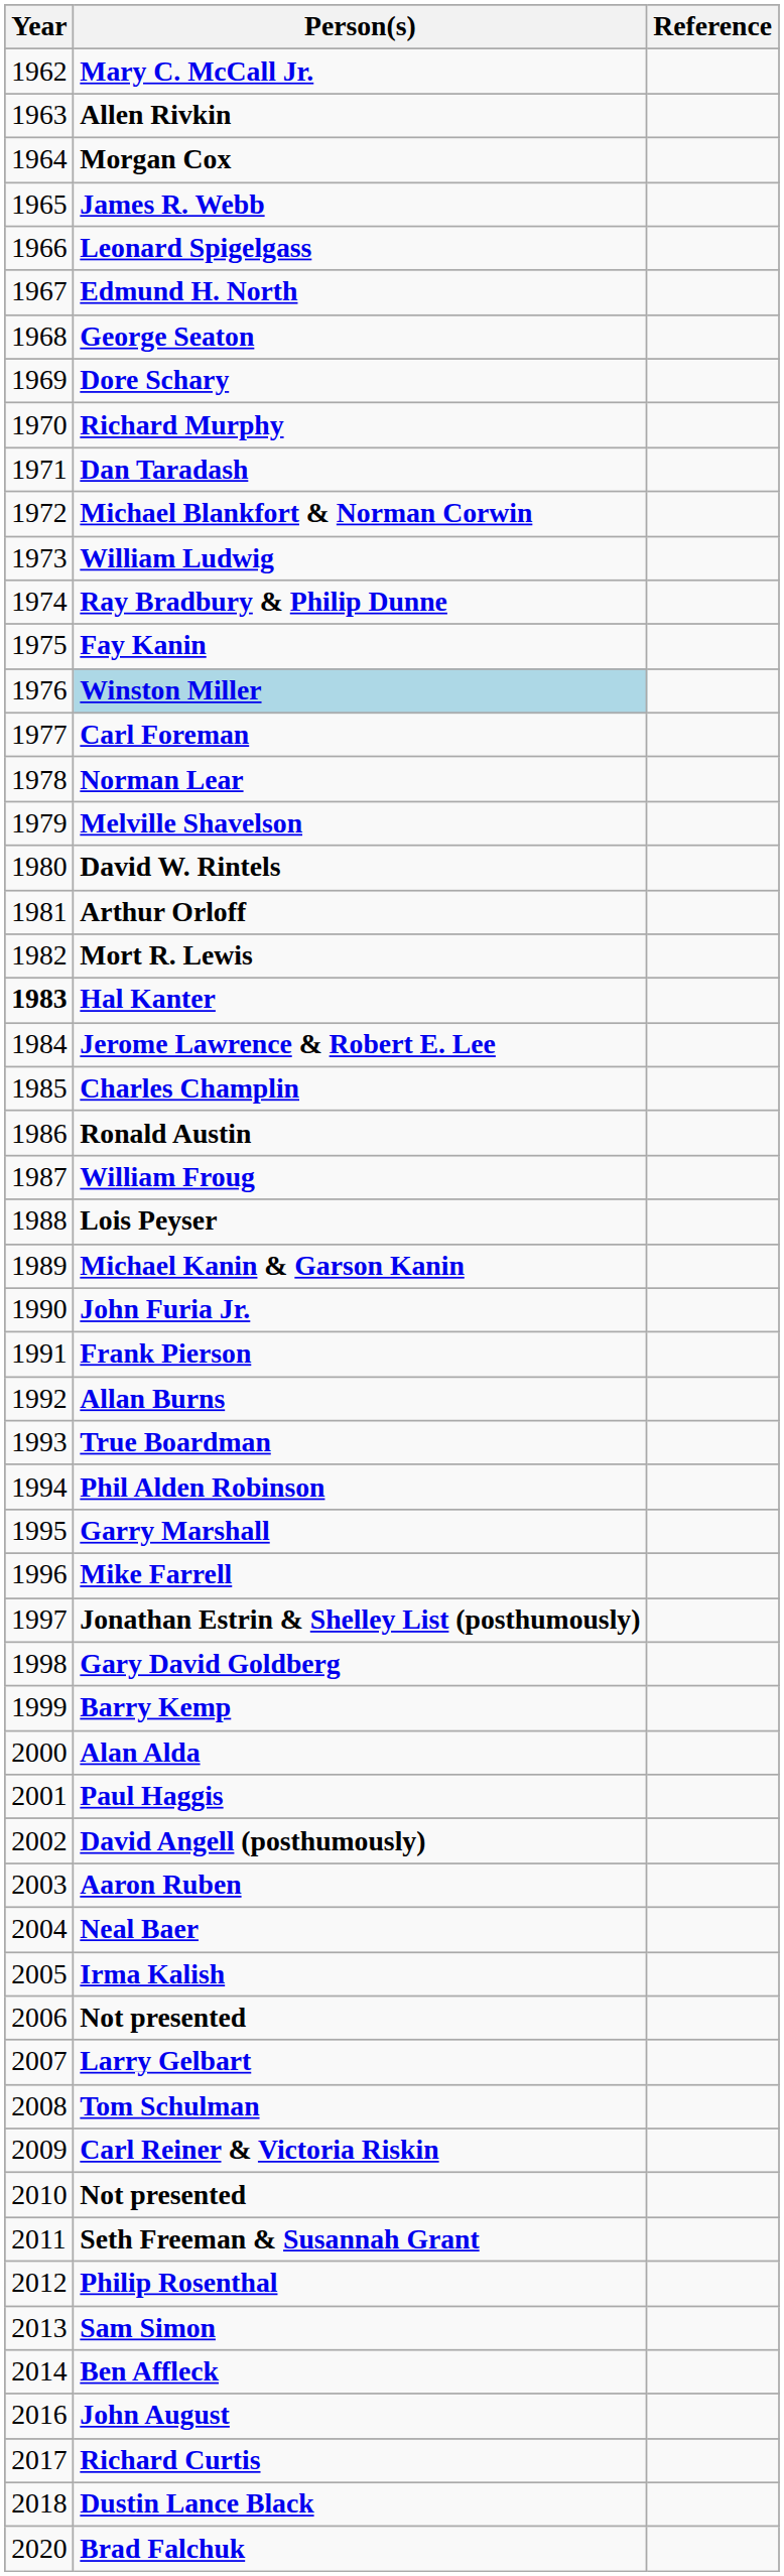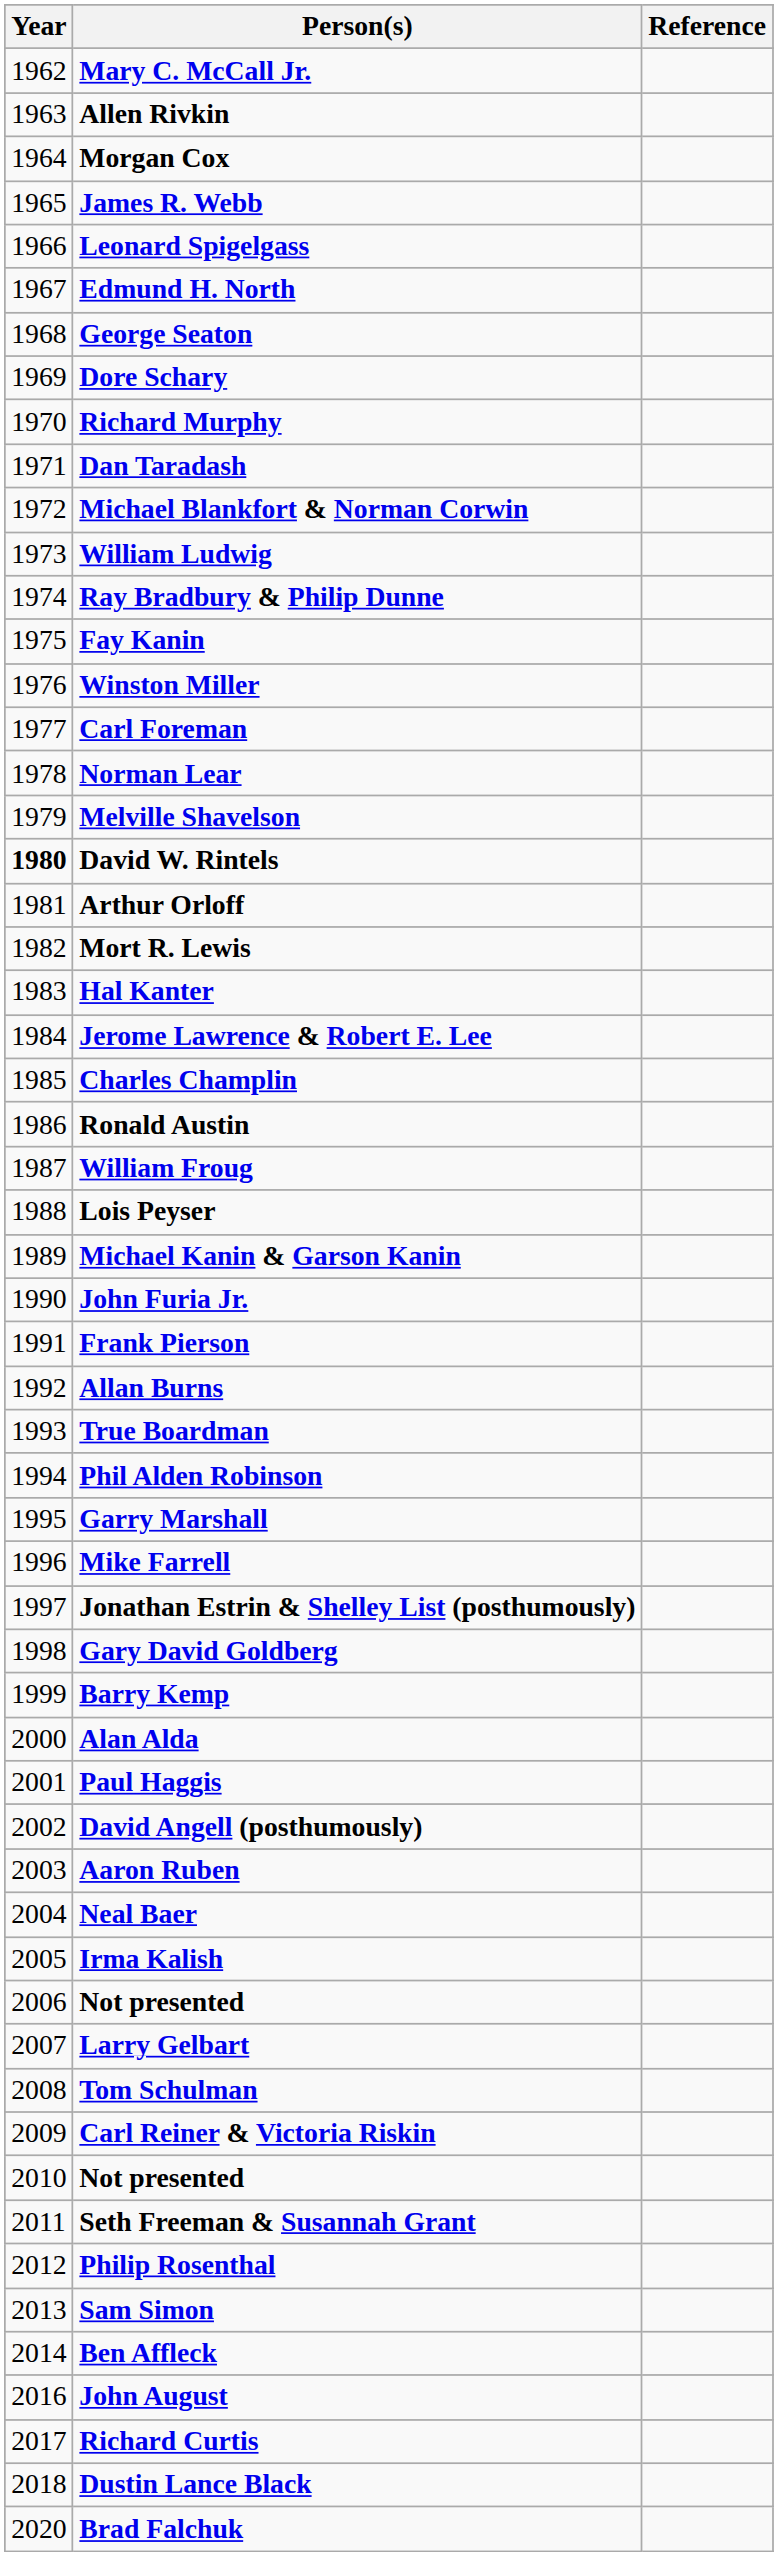 <table class="wikitable">
 <tr>
 <th>Year</th>
 <th>Person(s)</th>
 <th>Reference</th>
 </tr>
 <tr>
 <td>1962</td>
 <td><strong><a href='#'>Mary C. McCall Jr.</a></strong></td>
 <td></td>
 </tr>
 <tr>
 <td>1963</td>
 <td><strong>Allen Rivkin</strong></td>
 <td></td>
 </tr>
 <tr>
 <td>1964</td>
 <td><strong>Morgan Cox</strong></td>
 <td></td>
 </tr>
 <tr>
 <td>1965</td>
 <td><a href='#'><strong>James R. Webb</strong></a></td>
 <td></td>
 </tr>
 <tr>
 <td>1966</td>
 <td><strong><a href='#'>Leonard Spigelgass</a></strong></td>
 <td></td>
 </tr>
 <tr>
 <td>1967</td>
 <td><strong><a href='#'>Edmund H. North</a></strong></td>
 <td></td>
 </tr>
 <tr>
 <td>1968</td>
 <td><strong><a href='#'>George Seaton</a></strong></td>
 <td></td>
 </tr>
 <tr>
 <td>1969</td>
 <td><strong><a href='#'>Dore Schary</a></strong></td>
 <td></td>
 </tr>
 <tr>
 <td>1970</td>
 <td><a href='#'><strong>Richard Murphy</strong></a></td>
 <td></td>
 </tr>
 <tr>
 <td>1971</td>
 <td><strong><a href='#'>Dan Taradash</a></strong></td>
 <td></td>
 </tr>
 <tr>
 <td>1972</td>
 <td><strong><a href='#'>Michael Blankfort</a> & <a href='#'>Norman Corwin</a></strong></td>
 <td></td>
 </tr>
 <tr>
 <td>1973</td>
 <td><strong><a href='#'>William Ludwig</a></strong></td>
 <td></td>
 </tr>
 <tr>
 <td>1974</td>
 <td><strong><a href='#'>Ray Bradbury</a> & <a href='#'>Philip Dunne</a></strong></td>
 <td></td>
 </tr>
 <tr>
 <td>1975</td>
 <td><strong><a href='#'>Fay Kanin</a></strong></td>
 <td></td>
 </tr>
 <tr>
 <td>1976</td>
-<td style="background: lightblue;"><strong><a href='#'>Winston Miller</a></strong></td>
+<td><strong><a href='#'>Winston Miller</a></strong></td>
 <td></td>
 </tr>
 <tr>
 <td>1977</td>
 <td><strong><a href='#'>Carl Foreman</a></strong></td>
 <td></td>
 </tr>
 <tr>
 <td>1978</td>
 <td><strong><a href='#'>Norman Lear</a></strong></td>
 <td></td>
 </tr>
 <tr>
 <td>1979</td>
 <td><strong><a href='#'>Melville Shavelson</a></strong></td>
 <td></td>
 </tr>
 <tr>
-<td>1980</td>
+<td><strong>1980</strong></td>
 <td><strong>David W. Rintels</strong></td>
 <td></td>
 </tr>
 <tr>
 <td>1981</td>
 <td><strong>Arthur Orloff</strong></td>
 <td></td>
 </tr>
 <tr>
 <td>1982</td>
 <td><strong>Mort R. Lewis</strong></td>
 <td></td>
 </tr>
 <tr>
-<td><strong>1983</strong></td>
+<td>1983</td>
 <td><strong><a href='#'>Hal Kanter</a></strong></td>
 <td></td>
 </tr>
 <tr>
 <td>1984</td>
 <td><strong><a href='#'>Jerome Lawrence</a> & <a href='#'>Robert E. Lee</a></strong></td>
 <td></td>
 </tr>
 <tr>
 <td>1985</td>
 <td><strong><a href='#'>Charles Champlin</a></strong></td>
 <td></td>
 </tr>
 <tr>
 <td>1986</td>
 <td><strong>Ronald Austin</strong></td>
 <td></td>
 </tr>
 <tr>
 <td>1987</td>
 <td><strong><a href='#'>William Froug</a></strong></td>
 <td></td>
 </tr>
 <tr>
 <td>1988</td>
 <td><strong>Lois Peyser</strong></td>
 <td></td>
 </tr>
 <tr>
 <td>1989</td>
 <td><strong><a href='#'>Michael Kanin</a> & <a href='#'>Garson Kanin</a></strong></td>
 <td></td>
 </tr>
 <tr>
 <td>1990</td>
 <td><strong><a href='#'>John Furia Jr.</a></strong></td>
 <td></td>
 </tr>
 <tr>
 <td>1991</td>
 <td><strong><a href='#'>Frank Pierson</a></strong></td>
 <td></td>
 </tr>
 <tr>
 <td>1992</td>
 <td><strong><a href='#'>Allan Burns</a></strong></td>
 <td></td>
 </tr>
 <tr>
 <td>1993</td>
 <td><strong><a href='#'>True Boardman</a></strong></td>
 <td></td>
 </tr>
 <tr>
 <td>1994</td>
 <td><strong><a href='#'>Phil Alden Robinson</a></strong></td>
 <td></td>
 </tr>
 <tr>
 <td>1995</td>
 <td><strong><a href='#'>Garry Marshall</a></strong></td>
 <td></td>
 </tr>
 <tr>
 <td>1996</td>
 <td><strong><a href='#'>Mike Farrell</a></strong></td>
 <td></td>
 </tr>
 <tr>
 <td>1997</td>
 <td><strong>Jonathan Estrin & <a href='#'>Shelley List</a> (posthumously)</strong></td>
 <td></td>
 </tr>
 <tr>
 <td>1998</td>
 <td><strong><a href='#'>Gary David Goldberg</a></strong></td>
 <td></td>
 </tr>
 <tr>
 <td>1999</td>
 <td><a href='#'><strong>Barry Kemp</strong></a></td>
 <td></td>
 </tr>
 <tr>
 <td>2000</td>
 <td><strong><a href='#'>Alan Alda</a></strong></td>
 <td></td>
 </tr>
 <tr>
 <td>2001</td>
 <td><strong><a href='#'>Paul Haggis</a></strong></td>
 <td></td>
 </tr>
 <tr>
 <td>2002</td>
 <td><strong><a href='#'>David Angell</a> (posthumously)</strong></td>
 <td></td>
 </tr>
 <tr>
 <td>2003</td>
 <td><strong><a href='#'>Aaron Ruben</a></strong></td>
 <td></td>
 </tr>
 <tr>
 <td>2004</td>
 <td><strong><a href='#'>Neal Baer</a></strong></td>
 <td></td>
 </tr>
 <tr>
 <td>2005</td>
 <td><strong><a href='#'>Irma Kalish</a></strong></td>
 <td></td>
 </tr>
 <tr>
 <td>2006</td>
 <td><strong>Not presented</strong></td>
 <td></td>
 </tr>
 <tr>
 <td>2007</td>
 <td><strong><a href='#'>Larry Gelbart</a></strong></td>
 <td></td>
 </tr>
 <tr>
 <td>2008</td>
 <td><strong><a href='#'>Tom Schulman</a></strong></td>
 <td></td>
 </tr>
 <tr>
 <td>2009</td>
 <td><strong><a href='#'>Carl Reiner</a> & <a href='#'>Victoria Riskin</a></strong></td>
 <td></td>
 </tr>
 <tr>
 <td>2010</td>
 <td><strong>Not presented</strong></td>
 <td></td>
 </tr>
 <tr>
 <td>2011</td>
 <td><strong>Seth Freeman & <a href='#'>Susannah Grant</a></strong></td>
 <td></td>
 </tr>
 <tr>
 <td>2012</td>
 <td><strong><a href='#'>Philip Rosenthal</a></strong></td>
 <td></td>
 </tr>
 <tr>
 <td>2013</td>
 <td><strong><a href='#'>Sam Simon</a></strong></td>
 <td></td>
 </tr>
 <tr>
 <td>2014</td>
 <td><strong><a href='#'>Ben Affleck</a></strong></td>
 <td></td>
 </tr>
 <tr>
 <td>2016</td>
 <td><strong><a href='#'>John August</a></strong></td>
 <td></td>
 </tr>
 <tr>
 <td>2017</td>
 <td><strong><a href='#'>Richard Curtis</a></strong></td>
 <td></td>
 </tr>
 <tr>
 <td>2018</td>
 <td><strong><a href='#'>Dustin Lance Black</a></strong></td>
 <td></td>
 </tr>
 <tr>
 <td>2020</td>
 <td><strong><a href='#'>Brad Falchuk</a></strong></td>
 <td></td>
 </tr>
 </table>
